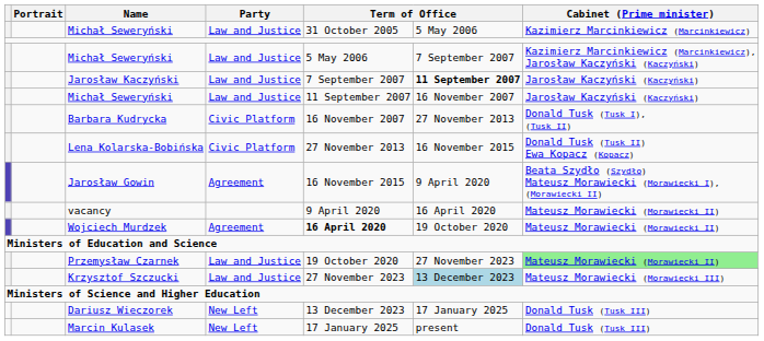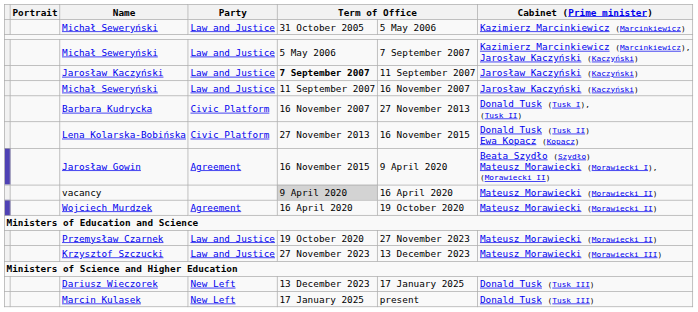 <table class="wikitable">
 <tr>
 <th></th>
 <th>Portrait</th>
 <th>Name</th>
 <th>Party</th>
 <th colspan="2">Term of Office</th>
 <th>Cabinet (<a href='#'>Prime minister</a>)</th>
 </tr>
 <tr>
 <th style="background:"></th>
 <td></td>
 <td><a href='#'>Michał Seweryński</a></td>
 <td><a href='#'>Law and Justice</a></td>
 <td>31 October 2005</td>
 <td>5 May 2006</td>
 <td><a href='#'>Kazimierz Marcinkiewicz</a> <small>(<a href='#'>Marcinkiewicz</a>) </small></td>
 </tr>
 <tr>
 <td colspan="7"></td>
 </tr>
 <tr>
 <th style="background:"></th>
 <td></td>
 <td><a href='#'>Michał Seweryński</a></td>
 <td><a href='#'>Law and Justice</a></td>
 <td>5 May 2006</td>
 <td>7 September 2007</td>
 <td><a href='#'>Kazimierz Marcinkiewicz</a> <small>(<a href='#'>Marcinkiewicz</a>),</small><br><a href='#'>Jarosław Kaczyński</a> <small>(<a href='#'>Kaczyński</a>)</small></td>
 </tr>
 <tr>
 <th style="background:"></th>
 <td></td>
 <td><a href='#'>Jarosław Kaczyński</a></td>
 <td><a href='#'>Law and Justice</a></td>
-<td>7 September 2007</td>
-<td><strong>11 September 2007</strong></td>
+<td><strong>7 September 2007</strong></td>
+<td>11 September 2007</td>
 <td><a href='#'>Jarosław Kaczyński</a> <small>(<a href='#'>Kaczyński</a>)</small></td>
 </tr>
 <tr>
 <th style="background:"></th>
 <td></td>
 <td><a href='#'>Michał Seweryński</a></td>
 <td><a href='#'>Law and Justice</a></td>
 <td>11 September 2007</td>
 <td>16 November 2007</td>
 <td><a href='#'>Jarosław Kaczyński</a> <small>(<a href='#'>Kaczyński</a>)</small></td>
 </tr>
 <tr>
 <th style="background:"></th>
 <td></td>
 <td><a href='#'>Barbara Kudrycka</a></td>
 <td><a href='#'>Civic Platform</a></td>
 <td>16 November 2007</td>
 <td>27 November 2013</td>
 <td><a href='#'>Donald Tusk</a> <small>(<a href='#'>Tusk I</a>), <br>(<a href='#'>Tusk II</a>)</small></td>
 </tr>
 <tr>
 <th style="background:"></th>
 <td></td>
 <td><a href='#'>Lena Kolarska-Bobińska</a></td>
 <td><a href='#'>Civic Platform</a></td>
 <td>27 November 2013</td>
 <td>16 November 2015</td>
 <td><a href='#'>Donald Tusk</a> <small>(<a href='#'>Tusk II</a>)</small><br><a href='#'>Ewa Kopacz</a> <small>(<a href='#'>Kopacz</a>)</small></td>
 </tr>
 <tr>
 <th style="width:2px;background:#4F42B5;"></th>
 <td></td>
 <td><a href='#'>Jarosław Gowin</a></td>
 <td><a href='#'>Agreement</a></td>
 <td>16 November 2015</td>
 <td>9 April 2020</td>
 <td><a href='#'>Beata Szydło</a> <small>(<a href='#'>Szydło</a>)</small><br><a href='#'>Mateusz Morawiecki</a> <small>(<a href='#'>Morawiecki I</a>), <br>(<a href='#'>Morawiecki II</a>)</small></td>
 </tr>
 <tr>
 <th></th>
 <td></td>
 <td>vacancy</td>
 <td></td>
-<td>9 April 2020</td>
+<td style="background: lightgrey;">9 April 2020</td>
 <td>16 April 2020</td>
 <td><a href='#'>Mateusz Morawiecki</a> <small>(<a href='#'>Morawiecki II</a>)</small></td>
 </tr>
 <tr>
 <th style="width:2px;background:#4F42B5;"></th>
 <td></td>
 <td><a href='#'>Wojciech Murdzek</a></td>
 <td><a href='#'>Agreement</a></td>
-<td><strong>16 April 2020</strong></td>
+<td>16 April 2020</td>
 <td>19 October 2020</td>
 <td><a href='#'>Mateusz Morawiecki</a> <small>(<a href='#'>Morawiecki II</a>)</small></td>
 </tr>
 <tr>
 <td colspan="7"><strong> Ministers of Education and Science</strong></td>
 </tr>
 <tr>
 <th style="background:"></th>
 <td></td>
 <td><a href='#'>Przemysław Czarnek</a></td>
 <td><a href='#'>Law and Justice</a></td>
 <td>19 October 2020</td>
 <td>27 November 2023</td>
-<td style="background: lightgreen;"><a href='#'>Mateusz Morawiecki</a> <small>(<a href='#'>Morawiecki II</a>)</small></td>
+<td><a href='#'>Mateusz Morawiecki</a> <small>(<a href='#'>Morawiecki II</a>)</small></td>
 </tr>
 <tr>
 <th style="background:"></th>
 <td></td>
 <td><a href='#'>Krzysztof Szczucki</a></td>
 <td><a href='#'>Law and Justice</a></td>
 <td>27 November 2023</td>
-<td style="background: lightblue;">13 December 2023</td>
+<td>13 December 2023</td>
 <td><a href='#'>Mateusz Morawiecki</a> <small>(<a href='#'>Morawiecki III</a>)</small></td>
 </tr>
 <tr>
 <td colspan="8"><strong>Ministers of Science and Higher Education</strong></td>
 </tr>
 <tr>
 <td style="background:"></td>
 <td></td>
 <td><a href='#'>Dariusz Wieczorek</a></td>
 <td><a href='#'>New Left</a></td>
 <td>13 December 2023</td>
 <td>17 January 2025</td>
 <td><a href='#'>Donald Tusk</a> <small>(<a href='#'>Tusk III</a>)</small></td>
 </tr>
 <tr>
 <td style="background:"></td>
 <td></td>
 <td><a href='#'>Marcin Kulasek</a></td>
 <td><a href='#'>New Left</a></td>
 <td>17 January 2025</td>
 <td>present</td>
 <td><a href='#'>Donald Tusk</a> <small>(<a href='#'>Tusk III</a>)</small></td>
 </tr>
 </table>
